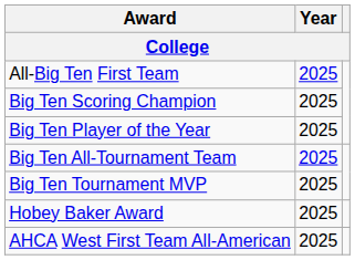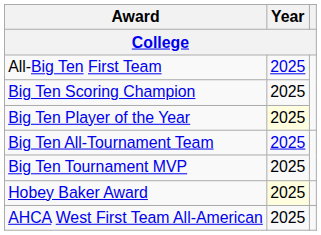 <table class="wikitable">
 <tr>
 <th>Award</th>
 <th>Year</th>
 <th></th>
 </tr>
 <tr>
 <th colspan="3"><a href='#'>College</a></th>
 </tr>
 <tr>
 <td>All-<a href='#'>Big Ten</a> <a href='#'>First Team</a></td>
 <td><a href='#'>2025</a></td>
 <td rowspan="3"></td>
 </tr>
 <tr>
 <td><a href='#'>Big Ten Scoring Champion</a></td>
 <td>2025</td>
 </tr>
 <tr>
 <td><a href='#'>Big Ten Player of the Year</a></td>
-<td>2025</td>
+<td style="background: lightyellow;">2025</td>
 </tr>
 <tr>
 <td><a href='#'>Big Ten All-Tournament Team</a></td>
 <td><a href='#'>2025</a></td>
 <td rowspan="2"></td>
 </tr>
 <tr>
 <td><a href='#'>Big Ten Tournament MVP</a></td>
 <td>2025</td>
 </tr>
 <tr>
 <td><a href='#'>Hobey Baker Award</a></td>
-<td>2025</td>
+<td style="background: lightyellow;">2025</td>
 <td></td>
 </tr>
 <tr>
 <td><a href='#'>AHCA</a> <a href='#'>West First Team All-American</a></td>
 <td>2025</td>
 <td></td>
 </tr>
 </table>
